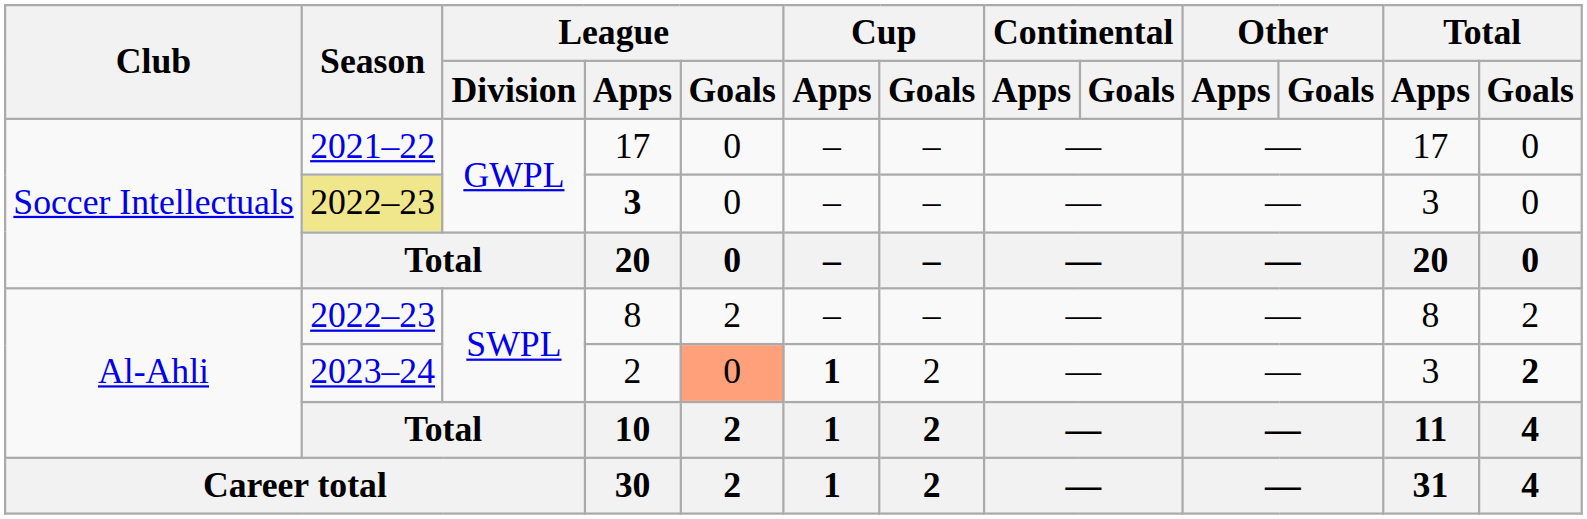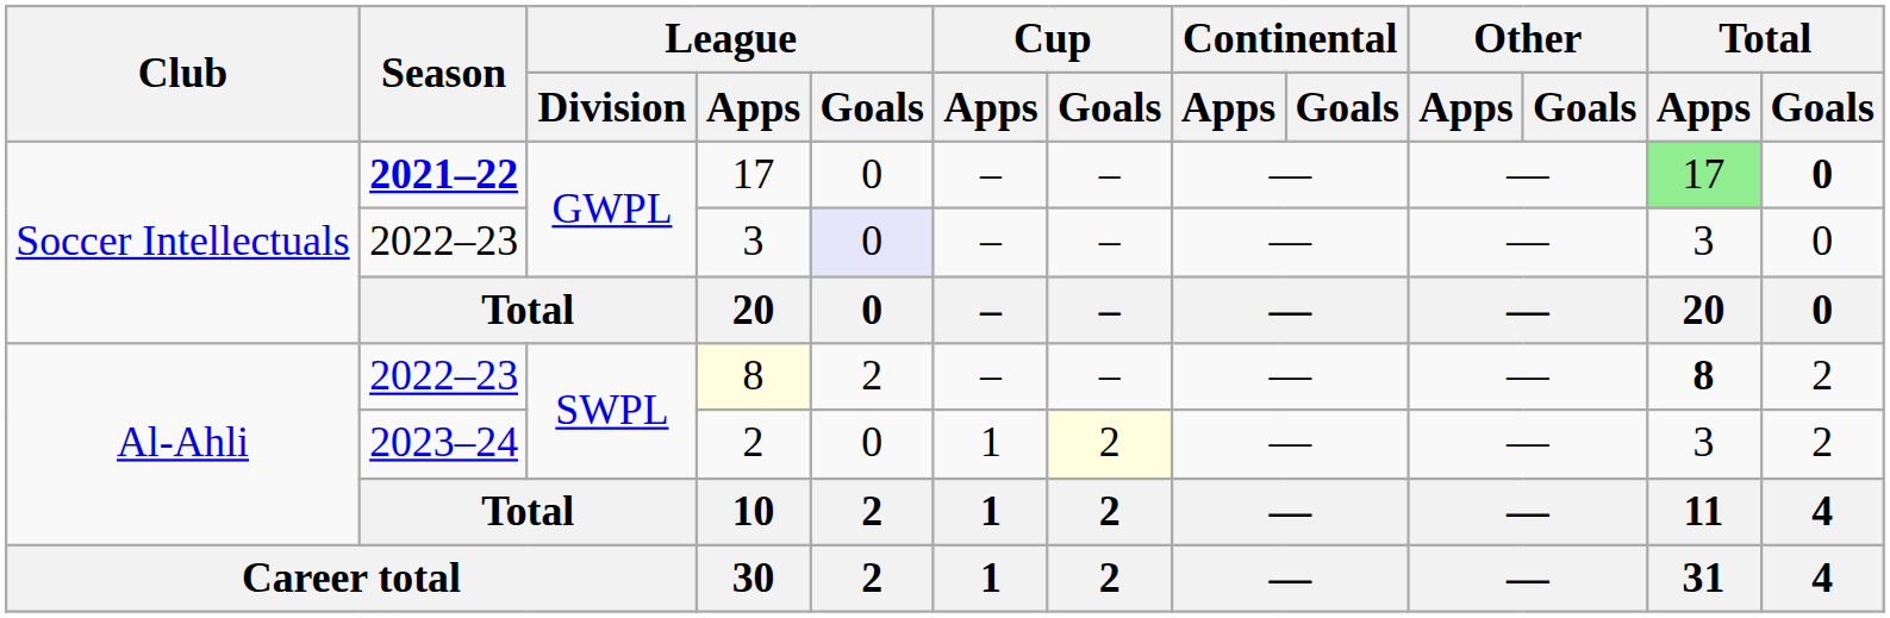 <table class="wikitable" style="text-align: center;">
 <tr>
 <th rowspan="2">Club</th>
 <th rowspan="2">Season</th>
 <th colspan="3">League</th>
 <th colspan="2">Cup</th>
 <th colspan="2">Continental</th>
 <th colspan="2">Other</th>
 <th colspan="2">Total</th>
 </tr>
 <tr>
 <th>Division</th>
 <th>Apps</th>
 <th>Goals</th>
 <th>Apps</th>
 <th>Goals</th>
 <th>Apps</th>
 <th>Goals</th>
 <th>Apps</th>
 <th>Goals</th>
 <th>Apps</th>
 <th>Goals</th>
 </tr>
 <tr>
 <td rowspan="3"><a href='#'>Soccer Intellectuals</a></td>
-<td><a href='#'>2021–22</a></td>
+<td><strong><a href='#'>2021–22</a></strong></td>
 <td rowspan="2"><a href='#'>GWPL</a></td>
 <td>17</td>
 <td>0</td>
 <td>–</td>
 <td>–</td>
 <td colspan="2">—</td>
 <td colspan="2">—</td>
-<td>17</td>
-<td>0</td>
+<td style="background: lightgreen;">17</td>
+<td><strong>0</strong></td>
 </tr>
 <tr>
-<td style="background: khaki;">2022–23</td>
-<td><strong>3</strong></td>
-<td>0</td>
+<td>2022–23</td>
+<td>3</td>
+<td style="background: lavender;">0</td>
 <td>–</td>
 <td>–</td>
 <td colspan="2">—</td>
 <td colspan="2">—</td>
 <td>3</td>
 <td>0</td>
 </tr>
 <tr>
 <th colspan="2">Total</th>
 <th>20</th>
 <th>0</th>
 <th>–</th>
 <th>–</th>
 <th colspan="2">—</th>
 <th colspan="2">—</th>
 <th>20</th>
 <th>0</th>
 </tr>
 <tr>
 <td rowspan="3"><a href='#'>Al-Ahli</a></td>
 <td><a href='#'>2022–23</a></td>
 <td rowspan="2"><a href='#'>SWPL</a></td>
-<td>8</td>
+<td style="background: lightyellow;">8</td>
 <td>2</td>
 <td>–</td>
 <td>–</td>
 <td colspan="2">—</td>
 <td colspan="2">—</td>
-<td>8</td>
+<td><strong>8</strong></td>
 <td>2</td>
 </tr>
 <tr>
 <td><a href='#'>2023–24</a></td>
 <td>2</td>
-<td style="background: lightsalmon;">0</td>
-<td><strong>1</strong></td>
-<td>2</td>
+<td>0</td>
+<td>1</td>
+<td style="background: lightyellow;">2</td>
 <td colspan="2">—</td>
 <td colspan="2">—</td>
 <td>3</td>
-<td><strong>2</strong></td>
+<td>2</td>
 </tr>
 <tr>
 <th colspan="2">Total</th>
 <th>10</th>
 <th>2</th>
 <th>1</th>
 <th>2</th>
 <th colspan="2">—</th>
 <th colspan="2">—</th>
 <th>11</th>
 <th>4</th>
 </tr>
 <tr>
 <th colspan="3">Career total</th>
 <th>30</th>
 <th>2</th>
 <th>1</th>
 <th>2</th>
 <th colspan="2">—</th>
 <th colspan="2">—</th>
 <th>31</th>
 <th>4</th>
 </tr>
 </table>
